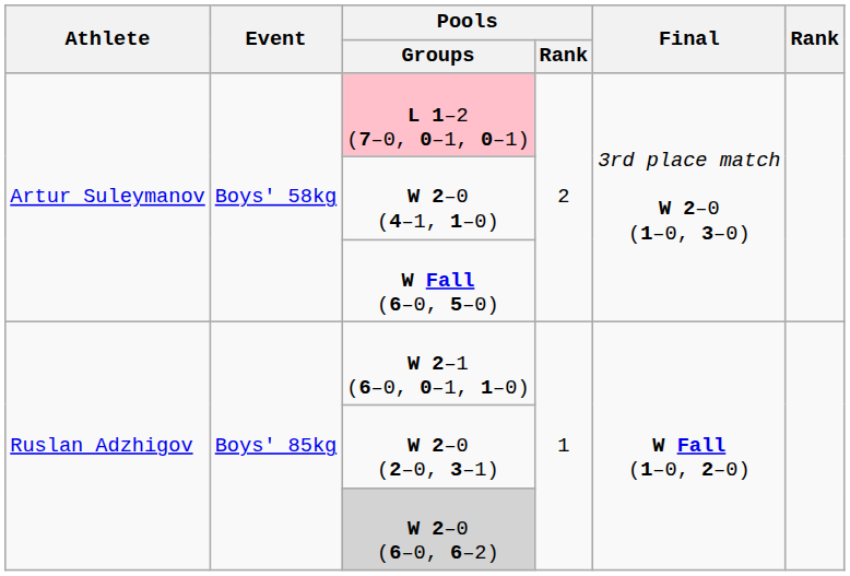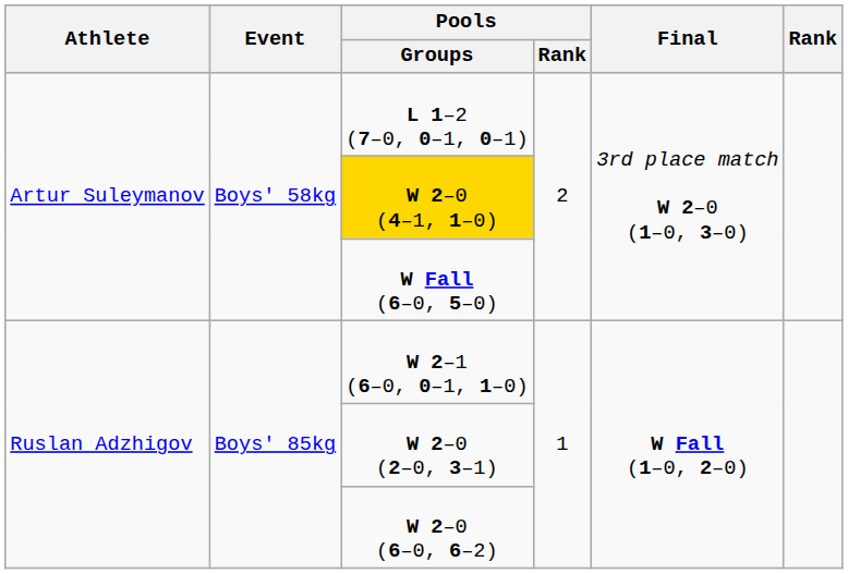 <table class="wikitable" style="text-align:left; font-size:90%">
 <tr>
 <th rowspan="2">Athlete</th>
 <th rowspan="2">Event</th>
 <th colspan="2">Pools</th>
 <th rowspan="2">Final</th>
 <th rowspan="2">Rank</th>
 </tr>
 <tr>
 <th>Groups</th>
 <th>Rank</th>
 </tr>
 <tr>
 <td rowspan="3"><a href='#'>Artur Suleymanov</a></td>
 <td rowspan="3"><a href='#'>Boys' 58kg</a></td>
-<td align=center style="background: pink;"><br><strong>L</strong> <strong>1</strong>–2<br>(<strong>7</strong>–0, <strong>0</strong>–1, <strong>0</strong>–1)</td>
+<td align=center><br><strong>L</strong> <strong>1</strong>–2<br>(<strong>7</strong>–0, <strong>0</strong>–1, <strong>0</strong>–1)</td>
 <td rowspan="3" align=center>2</td>
 <td align=center rowspan=3><em>3rd place match</em><br><br><strong>W</strong> <strong>2</strong>–0<br>(<strong>1</strong>–0, <strong>3</strong>–0)</td>
 <td rowspan="3" align="center"></td>
 </tr>
 <tr>
-<td align=center><br><strong>W</strong> <strong>2</strong>–0<br>(<strong>4</strong>–1, <strong>1</strong>–0)</td>
+<td align=center style="background: gold;"><br><strong>W</strong> <strong>2</strong>–0<br>(<strong>4</strong>–1, <strong>1</strong>–0)</td>
 </tr>
 <tr>
 <td align=center><br><strong>W</strong> <strong><a href='#'>Fall</a></strong><br>(<strong>6</strong>–0, <strong>5</strong>–0)</td>
 </tr>
 <tr>
 <td rowspan="3"><a href='#'>Ruslan Adzhigov</a></td>
 <td rowspan="3"><a href='#'>Boys' 85kg</a></td>
 <td align=center><br><strong>W</strong> <strong>2</strong>–1<br>(<strong>6</strong>–0, <strong>0</strong>–1, <strong>1</strong>–0)</td>
 <td rowspan="3" align=center>1</td>
 <td align=center rowspan=3><br><strong>W</strong> <strong><a href='#'>Fall</a></strong><br>(<strong>1</strong>–0, <strong>2</strong>–0)</td>
 <td rowspan="3" align="center"></td>
 </tr>
 <tr>
 <td align=center><br><strong>W</strong> <strong>2</strong>–0<br>(<strong>2</strong>–0, <strong>3</strong>–1)</td>
 </tr>
 <tr>
-<td align=center style="background: lightgrey;"><br><strong>W</strong> <strong>2</strong>–0<br>(<strong>6</strong>–0, <strong>6</strong>–2)</td>
+<td align=center><br><strong>W</strong> <strong>2</strong>–0<br>(<strong>6</strong>–0, <strong>6</strong>–2)</td>
 </tr>
 </table>
